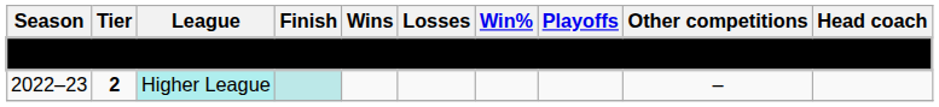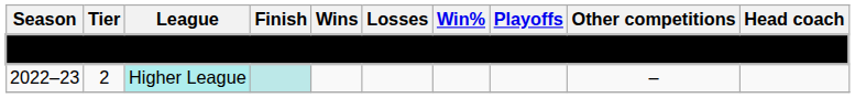 <table class="wikitable plainrowheaders" style="text-align:center; font-size:90%" summary="Season (sortable), Team, Conference, Conference finish (sortable), Division, Division finish (sortable), Wins (sortable), Losses (sortable), Win% (sortable), GB (sortable), Playoffs, Awards and Head coach">
 <tr>
 <th scope="col">Season</th>
 <th scope="col">Tier</th>
 <th scope="col">League</th>
 <th scope="col">Finish</th>
 <th scope="col">Wins</th>
 <th scope="col">Losses</th>
 <th scope="col"><a href='#'>Win%</a></th>
 <th scope="col" class="unsortable"><a href='#'>Playoffs</a></th>
 <th scope="col" class="unsortable">Other competitions</th>
 <th scope="col">Head coach</th>
 </tr>
 <tr>
 <td colspan="12" align=center style="border:2px solid silver; background-color:#000000;"><span><strong>BC Chernihiv</strong></span></td>
 </tr>
 <tr>
 <td>2022–23</td>
-<td><strong>2</strong></td>
+<td>2</td>
 <td style="background: paleturquoise;">Higher League</td>
 <td bgcolor=#bce8e8></td>
 <td></td>
 <td></td>
 <td></td>
 <td></td>
 <td>–</td>
 <td></td>
 </tr>
 <tr>
 </tr>
 </table>
